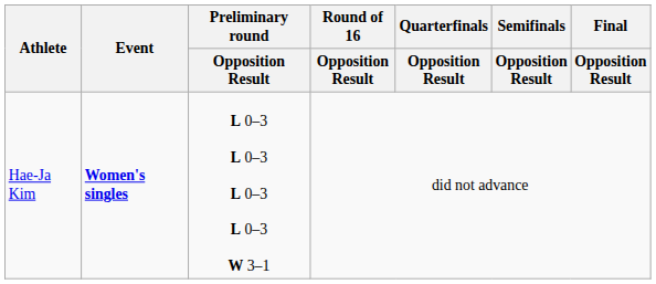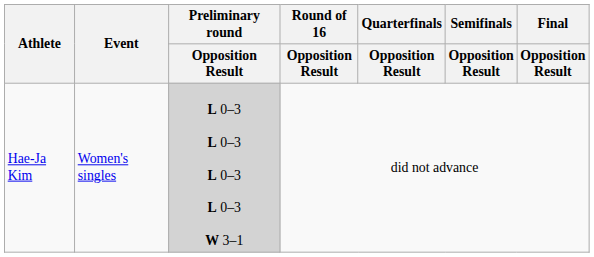 <table class="wikitable" style="font-size:90%">
 <tr>
 <th rowspan="2">Athlete</th>
 <th rowspan="2">Event</th>
 <th>Preliminary round</th>
 <th>Round of 16</th>
 <th>Quarterfinals</th>
 <th>Semifinals</th>
 <th>Final</th>
 </tr>
 <tr>
 <th>Opposition<br>Result</th>
 <th>Opposition<br>Result</th>
 <th>Opposition<br>Result</th>
 <th>Opposition<br>Result</th>
 <th>Opposition<br>Result</th>
 </tr>
 <tr>
 <td><a href='#'>Hae-Ja Kim</a></td>
-<td><strong><a href='#'>Women's singles</a></strong></td>
-<td align="center"><br> <strong>L</strong> 0–3<br><br><strong>L</strong> 0–3<br><br><strong>L</strong> 0–3<br><br><strong>L</strong> 0–3<br><br><strong>W</strong> 3–1</td>
+<td><a href='#'>Women's singles</a></td>
+<td align="center" style="background: lightgrey;"><br> <strong>L</strong> 0–3<br><br><strong>L</strong> 0–3<br><br><strong>L</strong> 0–3<br><br><strong>L</strong> 0–3<br><br><strong>W</strong> 3–1</td>
 <td align="center" colspan="4">did not advance</td>
 </tr>
 </table>
